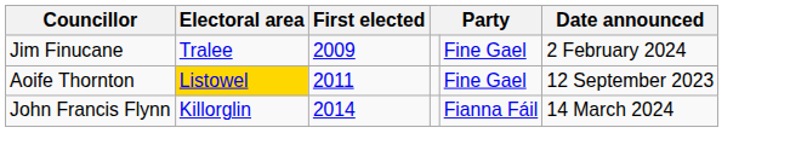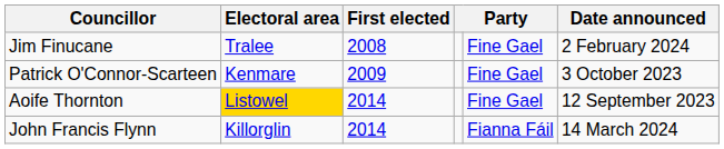 <table class="wikitable">
 <tr>
 <th scope="col">Councillor</th>
 <th scope="col">Electoral area</th>
 <th scope="col">First elected</th>
 <th colspan="2">Party</th>
 <th scope="col">Date announced</th>
 </tr>
 <tr>
 <td>Jim Finucane</td>
 <td><a href='#'>Tralee</a></td>
-<td><a href='#'>2009</a></td>
+<td><a href='#'>2008</a></td>
 <td width="1" style="color:inherit;background:"></td>
 <td><a href='#'>Fine Gael</a></td>
 <td>2 February 2024</td>
 </tr>
 <tr>
+<td>Patrick O'Connor-Scarteen</td>
+<td><a href='#'>Kenmare</a></td>
+<td><a href='#'>2009</a></td>
+<td width="1" style="color:inherit;background:"></td>
+<td><a href='#'>Fine Gael</a></td>
+<td>3 October 2023</td>
+</tr>
+<tr>
 <td>Aoife Thornton</td>
 <td style="background: gold;"><a href='#'>Listowel</a></td>
-<td><a href='#'>2011</a></td>
+<td><a href='#'>2014</a></td>
 <td width="1" style="color:inherit;background:"></td>
 <td><a href='#'>Fine Gael</a></td>
 <td>12 September 2023</td>
 </tr>
 <tr>
 <td>John Francis Flynn</td>
 <td><a href='#'>Killorglin</a></td>
 <td><a href='#'>2014</a></td>
 <td width="1" style="color:inherit;background:"></td>
 <td><a href='#'>Fianna Fáil</a></td>
 <td>14 March 2024</td>
 </tr>
 </table>
